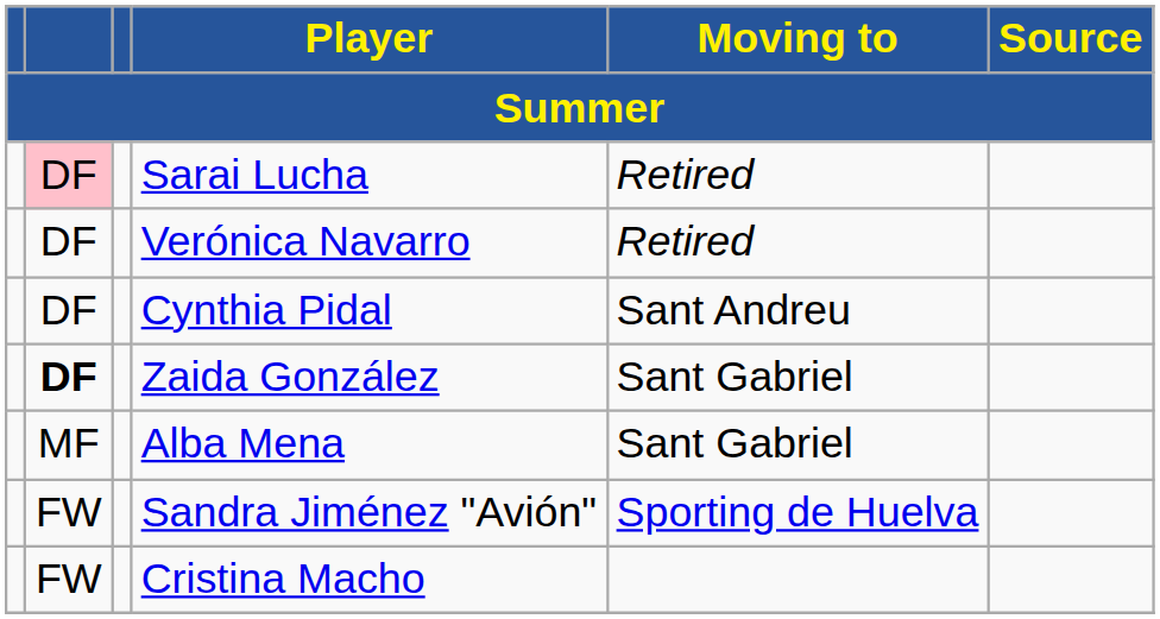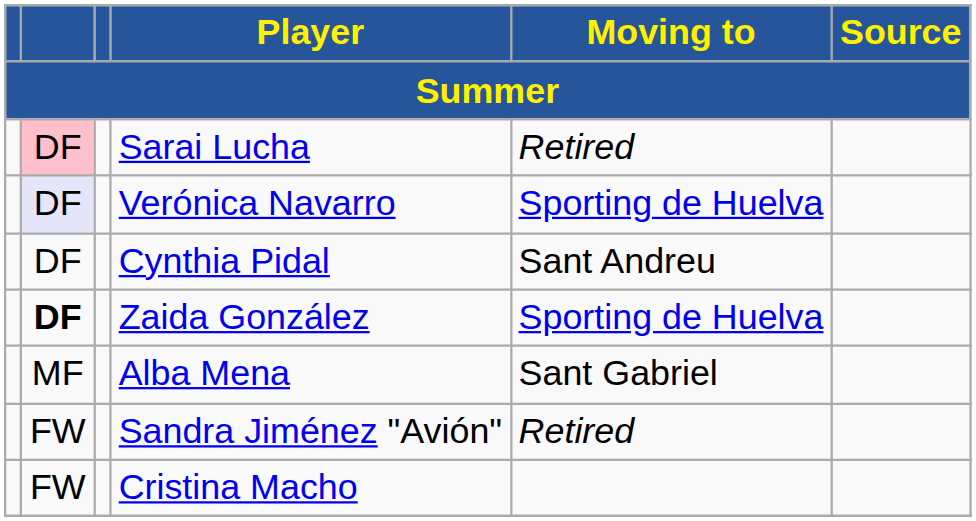 <table class="wikitable plainrowheaders sortable" style="text-align:center">
 <tr>
 <th style="background:#26559B; color:#FFF000; "></th>
 <th style="background:#26559B; color:#FFF000; "></th>
 <th style="background:#26559B; color:#FFF000; "></th>
 <th style="background:#26559B; color:#FFF000; ">Player</th>
 <th style="background:#26559B; color:#FFF000; ">Moving to</th>
 <th style="background:#26559B; color:#FFF000; ">Source</th>
 </tr>
 <tr>
 <th colspan="6" style="background:#26559B; color:#FFF000; ">Summer</th>
 </tr>
 <tr>
 <td></td>
 <td style="background: pink;">DF</td>
 <td></td>
 <td align="left"><a href='#'>Sarai Lucha</a></td>
 <td align="left"><em>Retired</em></td>
 <td></td>
 </tr>
 <tr>
 <td></td>
-<td>DF</td>
+<td style="background: lavender;">DF</td>
 <td></td>
 <td align="left"><a href='#'>Verónica Navarro</a></td>
-<td align="left"><em>Retired</em></td>
+<td align="left"><a href='#'>Sporting de Huelva</a></td>
 <td></td>
 </tr>
 <tr>
 <td></td>
 <td>DF</td>
 <td></td>
 <td align="left"><a href='#'>Cynthia Pidal</a></td>
 <td align="left">Sant Andreu</td>
 <td></td>
 </tr>
 <tr>
 <td></td>
 <td><strong>DF</strong></td>
 <td></td>
 <td align="left"><a href='#'>Zaida González</a></td>
-<td align="left">Sant Gabriel</td>
+<td align="left"><a href='#'>Sporting de Huelva</a></td>
 <td></td>
 </tr>
 <tr>
 <td></td>
 <td>MF</td>
 <td></td>
 <td align="left"><a href='#'>Alba Mena</a></td>
 <td align="left">Sant Gabriel</td>
 <td></td>
 </tr>
 <tr>
 <td></td>
 <td>FW</td>
 <td></td>
 <td align="left"><a href='#'>Sandra Jiménez</a> "Avión"</td>
-<td align="left"><a href='#'>Sporting de Huelva</a></td>
+<td align="left"><em>Retired</em></td>
 <td></td>
 </tr>
 <tr>
 <td></td>
 <td>FW</td>
 <td></td>
 <td align="left"><a href='#'>Cristina Macho</a></td>
 <td align="left"></td>
 <td></td>
 </tr>
 <tr>
 </tr>
 </table>
